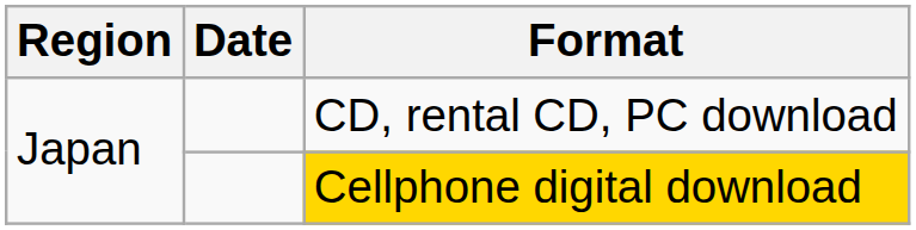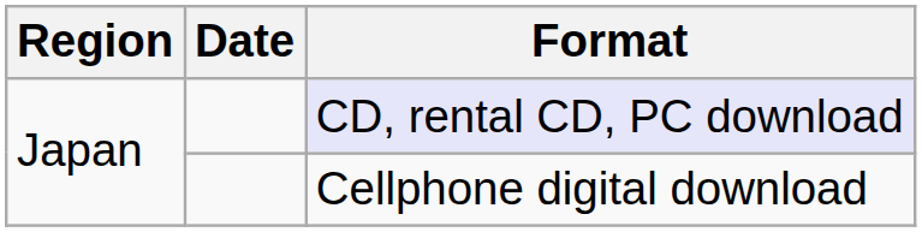 <table class="wikitable">
 <tr>
 <th>Region</th>
 <th>Date</th>
 <th>Format</th>
 </tr>
 <tr>
 <td rowspan="2">Japan</td>
 <td></td>
-<td>CD, rental CD, PC download</td>
+<td style="background: lavender;">CD, rental CD, PC download</td>
 </tr>
 <tr>
 <td></td>
-<td style="background: gold;">Cellphone digital download</td>
+<td>Cellphone digital download</td>
 </tr>
 </table>
